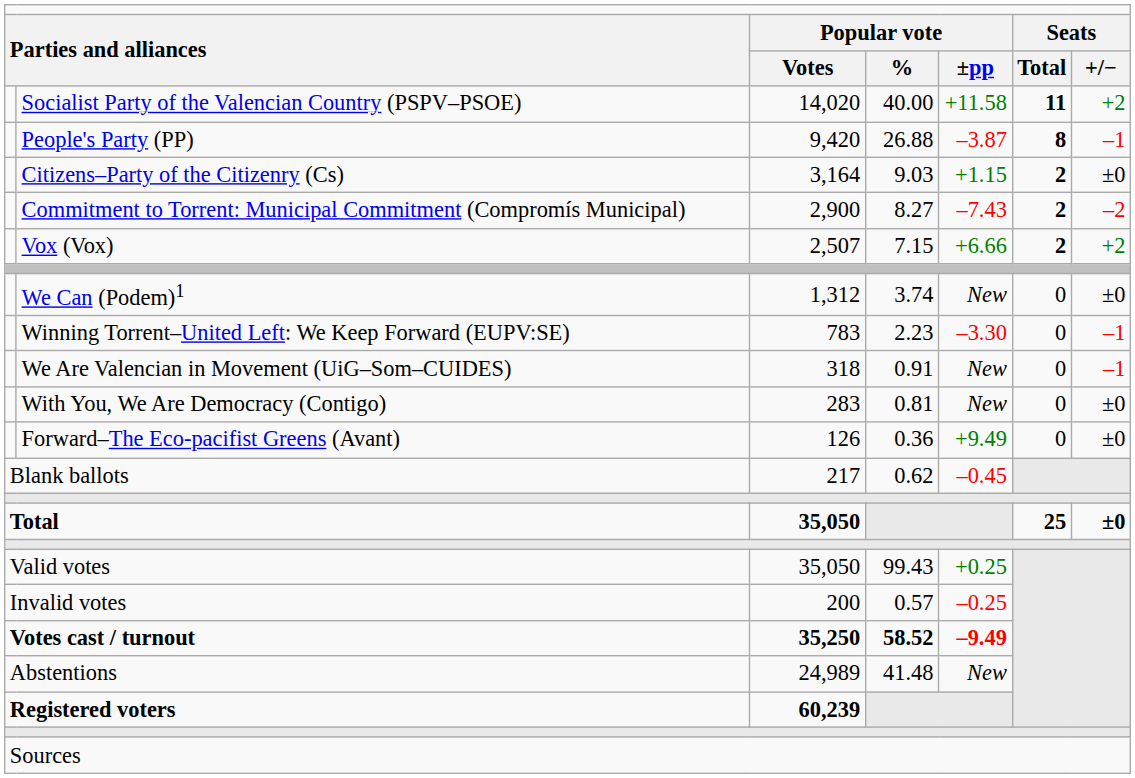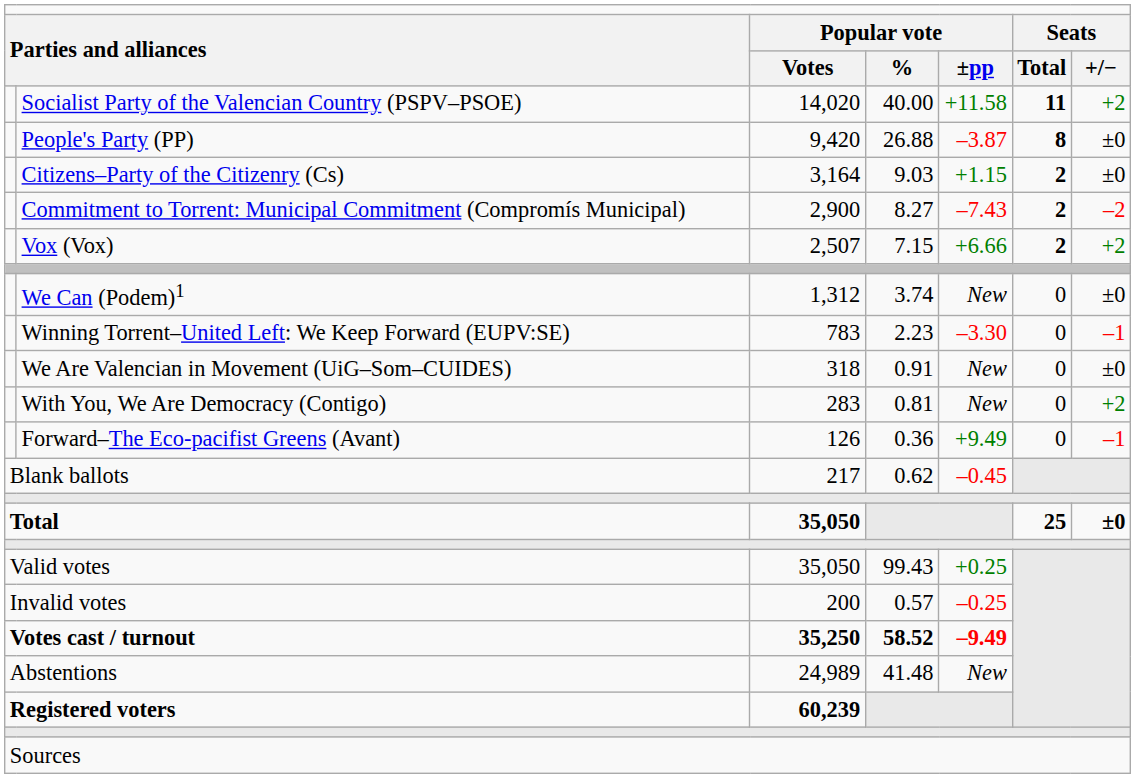 <table class="wikitable" style="text-align:right;">
 <tr>
 <td colspan="7"></td>
 </tr>
 <tr>
 <th style="text-align:left;" rowspan="2" colspan="2" width="525">Parties and alliances</th>
 <th colspan="3">Popular vote</th>
 <th colspan="2">Seats</th>
 </tr>
 <tr>
 <th width="75">Votes</th>
 <th width="45">%</th>
 <th width="45">±<a href='#'>pp</a></th>
 <th width="35">Total</th>
 <th width="35">+/−</th>
 </tr>
 <tr>
 <td width="1" style="color:inherit;background:"></td>
 <td align="left"><a href='#'>Socialist Party of the Valencian Country</a> (PSPV–PSOE)</td>
 <td>14,020</td>
 <td>40.00</td>
 <td style="color:green;">+11.58</td>
 <td><strong>11</strong></td>
 <td style="color:green;">+2</td>
 </tr>
 <tr>
 <td style="color:inherit;background:"></td>
 <td align="left"><a href='#'>People's Party</a> (PP)</td>
 <td>9,420</td>
 <td>26.88</td>
 <td style="color:red;">–3.87</td>
 <td><strong>8</strong></td>
-<td style="color:red;">–1</td>
+<td>±0</td>
 </tr>
 <tr>
 <td style="color:inherit;background:"></td>
 <td align="left"><a href='#'>Citizens–Party of the Citizenry</a> (Cs)</td>
 <td>3,164</td>
 <td>9.03</td>
 <td style="color:green;">+1.15</td>
 <td><strong>2</strong></td>
 <td>±0</td>
 </tr>
 <tr>
 <td style="color:inherit;background:"></td>
 <td align="left"><a href='#'>Commitment to Torrent: Municipal Commitment</a> (Compromís Municipal)</td>
 <td>2,900</td>
 <td>8.27</td>
 <td style="color:red;">–7.43</td>
 <td><strong>2</strong></td>
 <td style="color:red;">–2</td>
 </tr>
 <tr>
 <td style="color:inherit;background:"></td>
 <td align="left"><a href='#'>Vox</a> (Vox)</td>
 <td>2,507</td>
 <td>7.15</td>
 <td style="color:green;">+6.66</td>
 <td><strong>2</strong></td>
 <td style="color:green;">+2</td>
 </tr>
 <tr>
 <td colspan="7" bgcolor="#C0C0C0"></td>
 </tr>
 <tr>
 <td style="color:inherit;background:"></td>
 <td align="left"><a href='#'>We Can</a> (Podem)<sup>1</sup></td>
 <td>1,312</td>
 <td>3.74</td>
 <td><em>New</em></td>
 <td>0</td>
 <td>±0</td>
 </tr>
 <tr>
 <td style="color:inherit;background:"></td>
 <td align="left">Winning Torrent–<a href='#'>United Left</a>: We Keep Forward (EUPV:SE)</td>
 <td>783</td>
 <td>2.23</td>
 <td style="color:red;">–3.30</td>
 <td>0</td>
 <td style="color:red;">–1</td>
 </tr>
 <tr>
 <td style="color:inherit;background:"></td>
 <td align="left">We Are Valencian in Movement (UiG–Som–CUIDES)</td>
 <td>318</td>
 <td>0.91</td>
 <td><em>New</em></td>
 <td>0</td>
-<td style="color:red;">–1</td>
+<td>±0</td>
 </tr>
 <tr>
 <td style="color:inherit;background:"></td>
 <td align="left">With You, We Are Democracy (Contigo)</td>
 <td>283</td>
 <td>0.81</td>
 <td><em>New</em></td>
 <td>0</td>
-<td>±0</td>
+<td style="color:green;">+2</td>
 </tr>
 <tr>
 <td style="color:inherit;background:"></td>
 <td align="left">Forward–<a href='#'>The Eco-pacifist Greens</a> (Avant)</td>
 <td>126</td>
 <td>0.36</td>
 <td style="color:green;">+9.49</td>
 <td>0</td>
-<td>±0</td>
+<td style="color:red;">–1</td>
 </tr>
 <tr>
 <td align="left" colspan="2">Blank ballots</td>
 <td>217</td>
 <td>0.62</td>
 <td style="color:red;">–0.45</td>
 <td bgcolor="#E9E9E9" colspan="2"></td>
 </tr>
 <tr>
 <td colspan="7" bgcolor="#E9E9E9"></td>
 </tr>
 <tr style="font-weight:bold;">
 <td align="left" colspan="2">Total</td>
 <td>35,050</td>
 <td bgcolor="#E9E9E9" colspan="2"></td>
 <td>25</td>
 <td>±0</td>
 </tr>
 <tr>
 <td colspan="7" bgcolor="#E9E9E9"></td>
 </tr>
 <tr>
 <td align="left" colspan="2">Valid votes</td>
 <td>35,050</td>
 <td>99.43</td>
 <td style="color:green;">+0.25</td>
 <td bgcolor="#E9E9E9" colspan="2" rowspan="5"></td>
 </tr>
 <tr>
 <td align="left" colspan="2">Invalid votes</td>
 <td>200</td>
 <td>0.57</td>
 <td style="color:red;">–0.25</td>
 </tr>
 <tr style="font-weight:bold;">
 <td align="left" colspan="2">Votes cast / turnout</td>
 <td>35,250</td>
 <td>58.52</td>
 <td style="color:red;">–9.49</td>
 </tr>
 <tr>
 <td align="left" colspan="2">Abstentions</td>
 <td>24,989</td>
 <td>41.48</td>
 <td><em>New</em></td>
 </tr>
 <tr style="font-weight:bold;">
 <td align="left" colspan="2">Registered voters</td>
 <td>60,239</td>
 <td bgcolor="#E9E9E9" colspan="2"></td>
 </tr>
 <tr>
 <td colspan="7" bgcolor="#E9E9E9"></td>
 </tr>
 <tr>
 <td align="left" colspan="7">Sources</td>
 </tr>
 </table>
